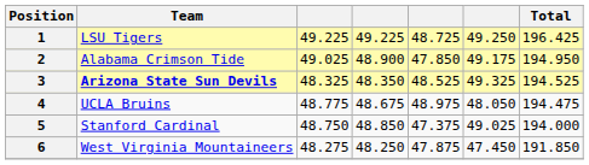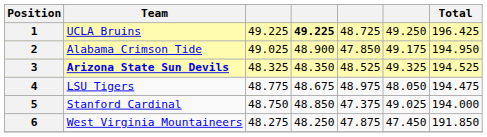 <table class="wikitable sortable" style="text-align:center; font-size:95%">
 <tr>
 <th scope=col>Position</th>
 <th scope=col>Team</th>
 <th scope=col></th>
 <th scope=col></th>
 <th scope=col></th>
 <th scope=col></th>
 <th scope=col>Total</th>
 </tr>
 <tr bgcolor=fffcaf>
 <th scope=row>1</th>
-<td align=left><a href='#'>LSU Tigers</a></td>
+<td align=left><a href='#'>UCLA Bruins</a></td>
 <td>49.225</td>
-<td>49.225</td>
+<td><strong>49.225</strong></td>
 <td>48.725</td>
 <td>49.250</td>
 <td>196.425</td>
 </tr>
 <tr bgcolor=fffcaf>
 <th scope=row>2</th>
 <td align=left><a href='#'>Alabama Crimson Tide</a></td>
 <td>49.025</td>
 <td>48.900</td>
 <td>47.850</td>
 <td>49.175</td>
 <td>194.950</td>
 </tr>
 <tr bgcolor=fffcaf>
 <th scope=row>3</th>
 <td align=left><strong><a href='#'>Arizona State Sun Devils</a></strong></td>
 <td>48.325</td>
 <td>48.350</td>
 <td>48.525</td>
 <td>49.325</td>
 <td>194.525</td>
 </tr>
 <tr>
 <th scope=row>4</th>
-<td align=left><a href='#'>UCLA Bruins</a></td>
+<td align=left><a href='#'>LSU Tigers</a></td>
 <td>48.775</td>
 <td>48.675</td>
 <td>48.975</td>
 <td>48.050</td>
 <td>194.475</td>
 </tr>
 <tr>
 <th scope=row>5</th>
 <td align=left><a href='#'>Stanford Cardinal</a></td>
 <td>48.750</td>
 <td>48.850</td>
 <td>47.375</td>
 <td>49.025</td>
 <td>194.000</td>
 </tr>
 <tr>
 <th scope=row>6</th>
 <td align=left><a href='#'>West Virginia Mountaineers</a></td>
 <td>48.275</td>
 <td>48.250</td>
 <td>47.875</td>
 <td>47.450</td>
 <td>191.850</td>
 </tr>
 <tr>
 </tr>
 </table>
